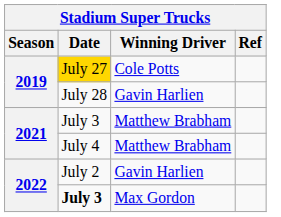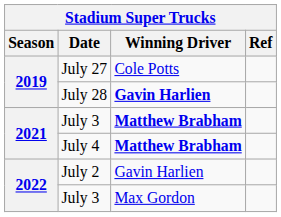 <table class="wikitable" style="font-size: 95%;">
 <tr>
 <th colspan=4><a href='#'>Stadium Super Trucks</a></th>
 </tr>
 <tr>
 <th>Season</th>
 <th>Date</th>
 <th>Winning Driver</th>
 <th>Ref</th>
 </tr>
 <tr>
 <th rowspan=2><a href='#'>2019</a></th>
-<td style="background: gold;">July 27</td>
+<td>July 27</td>
 <td> <a href='#'>Cole Potts</a></td>
 <td></td>
 </tr>
 <tr>
 <td>July 28</td>
-<td> <a href='#'>Gavin Harlien</a></td>
+<td><strong> <a href='#'>Gavin Harlien</a></strong></td>
 <td></td>
 </tr>
 <tr>
 <th rowspan=2><a href='#'>2021</a></th>
 <td>July 3</td>
-<td> <a href='#'>Matthew Brabham</a></td>
+<td><strong> <a href='#'>Matthew Brabham</a></strong></td>
 <td></td>
 </tr>
 <tr>
 <td>July 4</td>
-<td> <a href='#'>Matthew Brabham</a></td>
+<td><strong> <a href='#'>Matthew Brabham</a></strong></td>
 <td></td>
 </tr>
 <tr>
 <th rowspan=2><a href='#'>2022</a></th>
 <td>July 2</td>
 <td> <a href='#'>Gavin Harlien</a></td>
 <td></td>
 </tr>
 <tr>
-<td><strong>July 3</strong></td>
+<td>July 3</td>
 <td> <a href='#'>Max Gordon</a></td>
 <td></td>
 </tr>
 </table>
